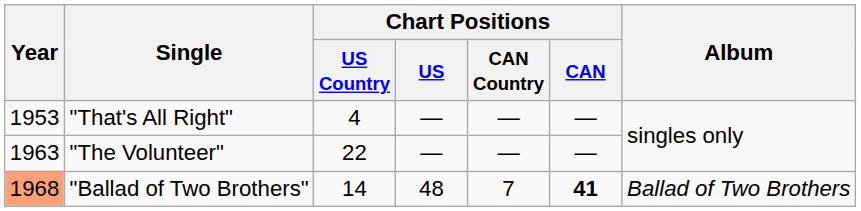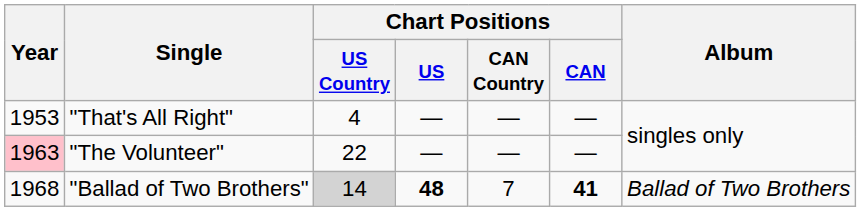 <table class="wikitable">
 <tr>
 <th rowspan="2">Year</th>
 <th rowspan="2">Single</th>
 <th colspan="4">Chart Positions</th>
 <th rowspan="2">Album</th>
 </tr>
 <tr>
 <th width="45"><small><a href='#'>US Country</a></small></th>
 <th width="45"><small><a href='#'>US</a></small></th>
 <th width="45"><small>CAN Country</small></th>
 <th width="45"><small><a href='#'>CAN</a></small></th>
 </tr>
 <tr>
 <td>1953</td>
 <td>"That's All Right"</td>
 <td align="center">4</td>
 <td align="center">—</td>
 <td align="center">—</td>
 <td align="center">—</td>
 <td rowspan="2">singles only</td>
 </tr>
 <tr>
-<td>1963</td>
+<td style="background: pink;">1963</td>
 <td>"The Volunteer"</td>
 <td align="center">22</td>
 <td align="center">—</td>
 <td align="center">—</td>
 <td align="center">—</td>
 </tr>
 <tr>
-<td style="background: lightsalmon;">1968</td>
+<td>1968</td>
 <td>"Ballad of Two Brothers"</td>
-<td align="center">14</td>
-<td align="center">48</td>
+<td align="center" style="background: lightgrey;">14</td>
+<td align="center"><strong>48</strong></td>
 <td align="center">7</td>
 <td align="center"><strong>41</strong></td>
 <td><em>Ballad of Two Brothers</em></td>
 </tr>
 </table>
